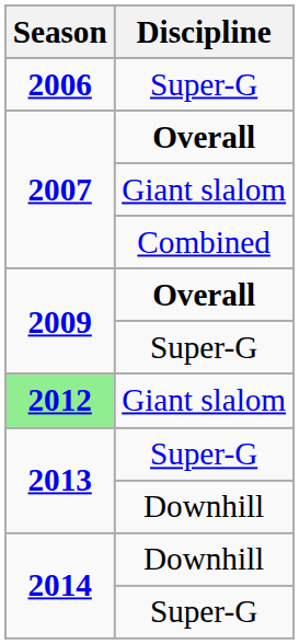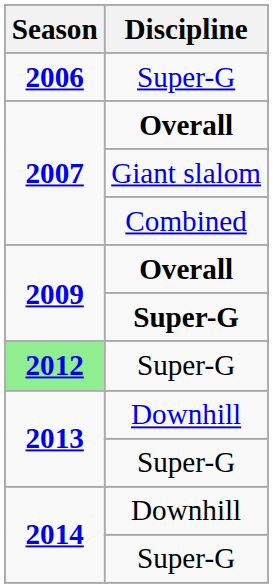 <table class="wikitable" style="text-align:center; font-size:95%;">
 <tr>
 <th>Season</th>
 <th>Discipline</th>
 </tr>
 <tr>
 <td><strong><a href='#'>2006</a></strong></td>
 <td><a href='#'>Super-G</a></td>
 </tr>
 <tr>
 <td rowspan=3><strong><a href='#'>2007</a></strong></td>
 <td><strong>Overall</strong></td>
 </tr>
 <tr>
 <td><a href='#'>Giant slalom</a></td>
 </tr>
 <tr>
 <td><a href='#'>Combined</a></td>
 </tr>
 <tr>
 <td rowspan=2><strong><a href='#'>2009</a></strong></td>
 <td><strong>Overall</strong></td>
 </tr>
 <tr>
+<td><strong>Super-G</strong></td>
+</tr>
+<tr>
+<td style="background: lightgreen;"><strong><a href='#'>2012</a></strong></td>
 <td>Super-G</td>
 </tr>
 <tr>
-<td style="background: lightgreen;"><strong><a href='#'>2012</a></strong></td>
-<td><a href='#'>Giant slalom</a></td>
+<td rowspan=2><strong><a href='#'>2013</a></strong></td>
+<td><a href='#'>Downhill</a></td>
 </tr>
 <tr>
-<td rowspan=2><strong><a href='#'>2013</a></strong></td>
-<td><a href='#'>Super-G</a></td>
-</tr>
-<tr>
-<td>Downhill</td>
+<td>Super-G</td>
 </tr>
 <tr>
 <td rowspan=2><strong><a href='#'>2014</a></strong></td>
 <td>Downhill</td>
 </tr>
 <tr>
 <td>Super-G</td>
 </tr>
 </table>
